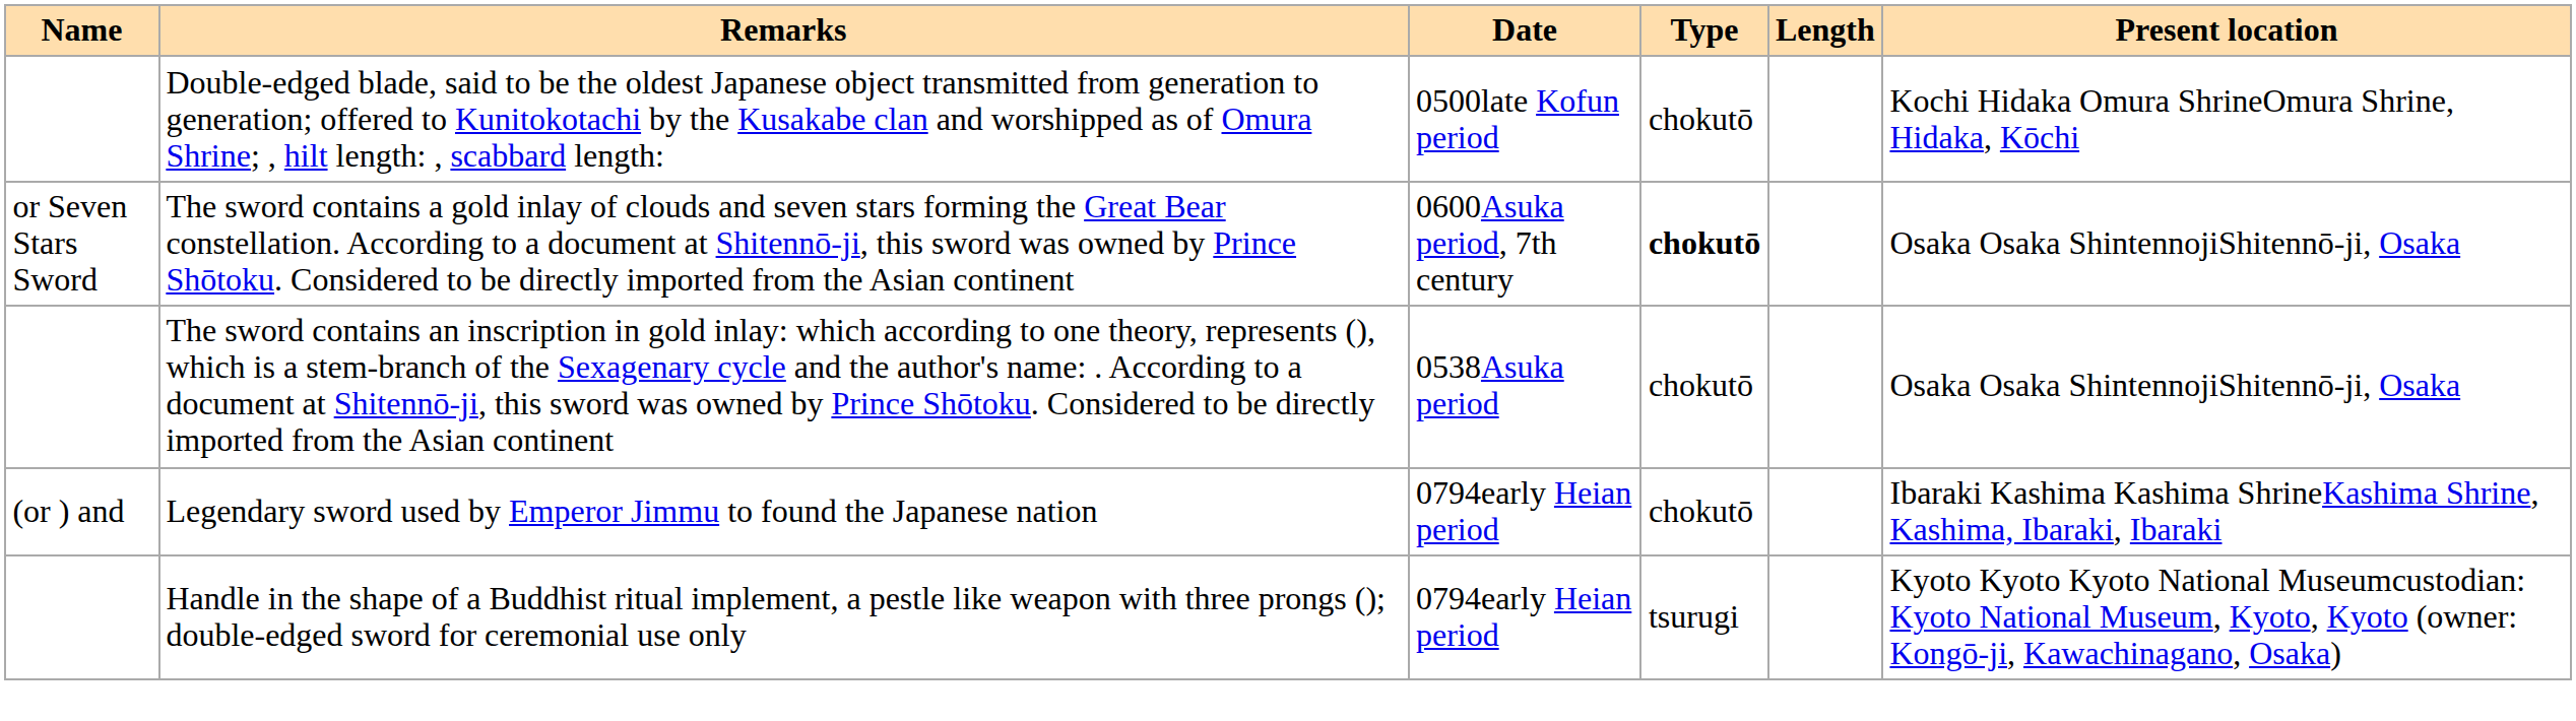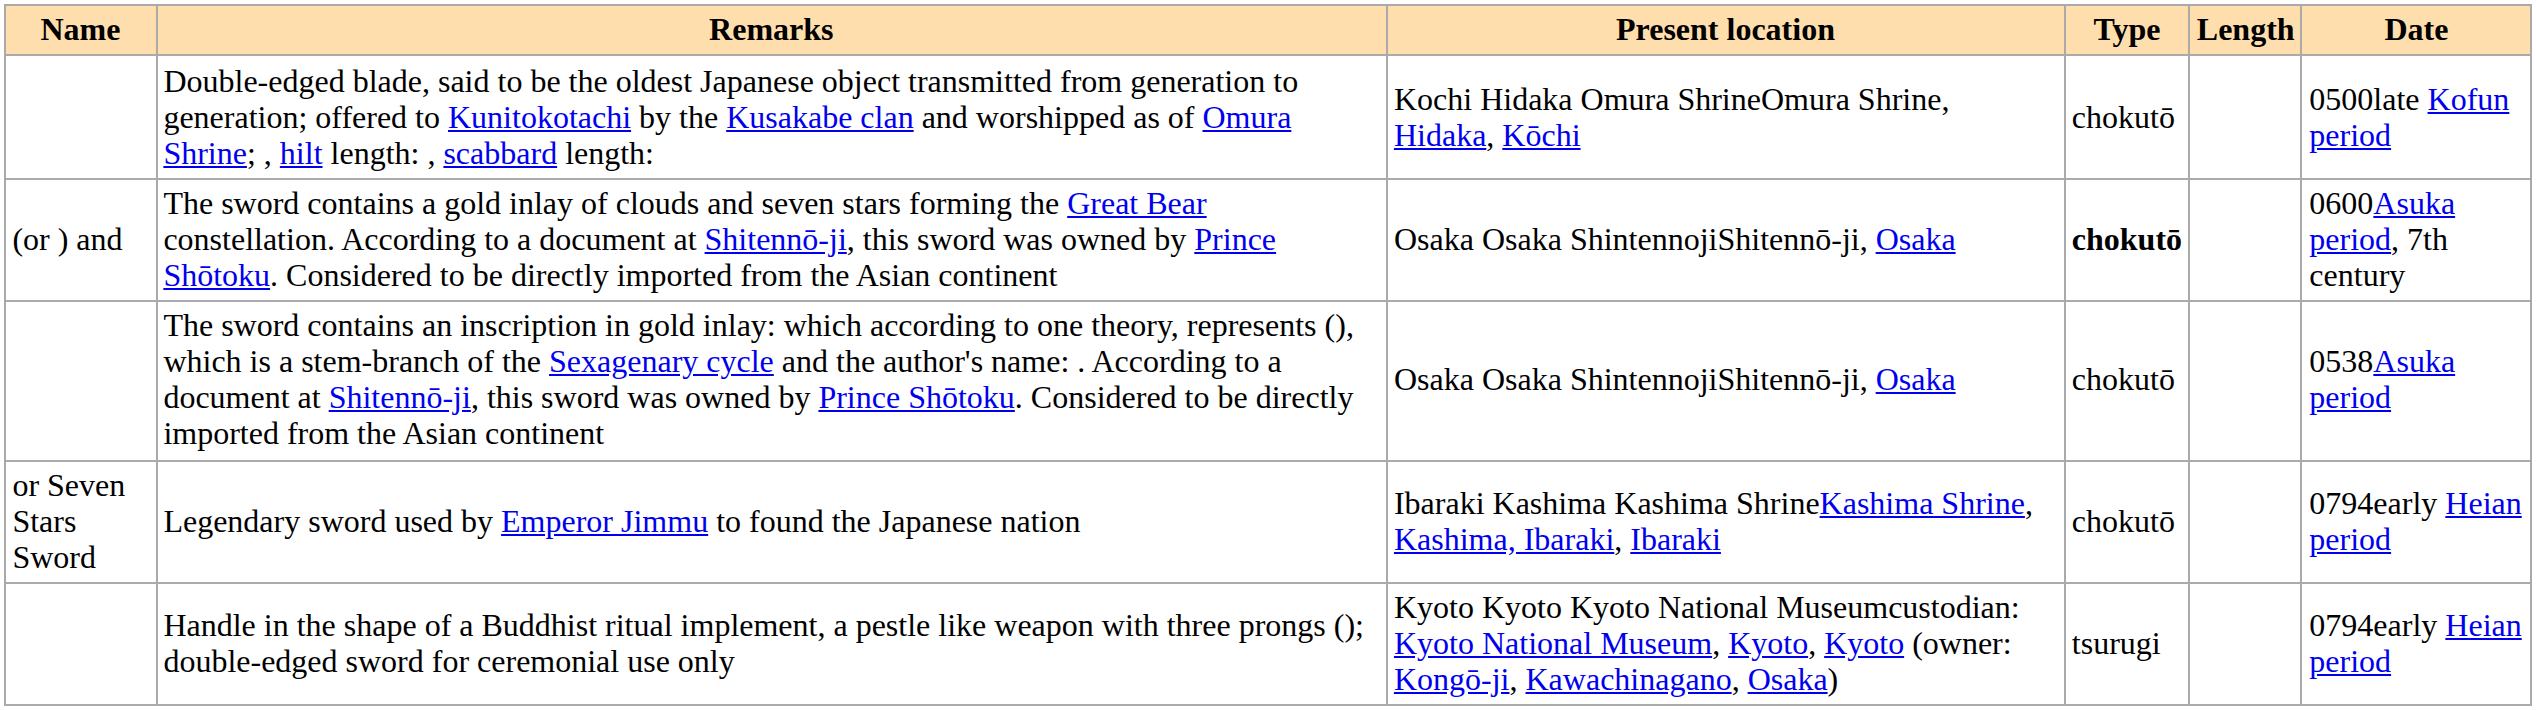 <table class="wikitable" style="width:100%; background:#fff;">
 <tr>
 <th style="background:#ffdead;">Name</th>
 <th style="background:#ffdead;">Remarks</th>
-<th style="background:#ffdead;">Date</th>
+<th style="background:#ffdead;">Present location</th>
 <th style="background:#ffdead;">Type</th>
 <th style="background:#ffdead;">Length</th>
-<th style="background:#ffdead;">Present location</th>
+<th style="background:#ffdead;">Date</th>
 </tr>
 <tr>
 <td></td>
 <td>Double-edged blade, said to be the oldest Japanese object transmitted from generation to generation; offered to <a href='#'>Kunitokotachi</a> by the <a href='#'>Kusakabe clan</a> and worshipped as  of <a href='#'>Omura Shrine</a>; , <a href='#'>hilt</a> length: , <a href='#'>scabbard</a> length: </td>
-<td><span>0500</span>late <a href='#'>Kofun period</a></td>
+<td><span>Kochi Hidaka Omura Shrine</span>Omura Shrine, <a href='#'>Hidaka</a>, <a href='#'>Kōchi</a></td>
 <td><span>chokutō</span></td>
 <td></td>
-<td><span>Kochi Hidaka Omura Shrine</span>Omura Shrine, <a href='#'>Hidaka</a>, <a href='#'>Kōchi</a></td>
+<td><span>0500</span>late <a href='#'>Kofun period</a></td>
 </tr>
 <tr>
-<td> or Seven Stars Sword</td>
+<td> (or ) and </td>
 <td>The sword contains a gold inlay of clouds and seven stars forming the <a href='#'>Great Bear</a> constellation. According to a document at <a href='#'>Shitennō-ji</a>, this sword was owned by <a href='#'>Prince Shōtoku</a>. Considered to be directly imported from the Asian continent</td>
-<td><span>0600</span><a href='#'>Asuka period</a>, 7th century</td>
+<td><span>Osaka Osaka Shintennoji</span>Shitennō-ji, <a href='#'>Osaka</a></td>
 <td><strong><span>chokutō</span></strong></td>
 <td></td>
-<td><span>Osaka Osaka Shintennoji</span>Shitennō-ji, <a href='#'>Osaka</a></td>
+<td><span>0600</span><a href='#'>Asuka period</a>, 7th century</td>
 </tr>
 <tr>
 <td></td>
 <td>The sword contains an inscription in gold inlay:  which according to one theory, represents  (), which is a stem-branch of the <a href='#'>Sexagenary cycle</a> and the author's name: . According to a document at <a href='#'>Shitennō-ji</a>, this sword was owned by <a href='#'>Prince Shōtoku</a>. Considered to be directly imported from the Asian continent</td>
-<td><span>0538</span><a href='#'>Asuka period</a></td>
+<td><span>Osaka Osaka Shintennoji</span>Shitennō-ji, <a href='#'>Osaka</a></td>
 <td><span>chokutō</span></td>
 <td></td>
-<td><span>Osaka Osaka Shintennoji</span>Shitennō-ji, <a href='#'>Osaka</a></td>
+<td><span>0538</span><a href='#'>Asuka period</a></td>
 </tr>
 <tr>
-<td> (or ) and </td>
+<td> or Seven Stars Sword</td>
 <td>Legendary sword used by <a href='#'>Emperor Jimmu</a> to found the Japanese nation</td>
-<td><span>0794</span>early <a href='#'>Heian period</a></td>
+<td><span>Ibaraki Kashima Kashima Shrine</span><a href='#'>Kashima Shrine</a>, <a href='#'>Kashima, Ibaraki</a>, <a href='#'>Ibaraki</a></td>
 <td><span>chokutō</span></td>
 <td></td>
-<td><span>Ibaraki Kashima Kashima Shrine</span><a href='#'>Kashima Shrine</a>, <a href='#'>Kashima, Ibaraki</a>, <a href='#'>Ibaraki</a></td>
+<td><span>0794</span>early <a href='#'>Heian period</a></td>
 </tr>
 <tr>
 <td></td>
 <td>Handle in the shape of a Buddhist ritual implement, a pestle like weapon with three prongs (); double-edged sword for ceremonial use only</td>
-<td><span>0794</span>early <a href='#'>Heian period</a></td>
+<td><span>Kyoto Kyoto Kyoto National Museum</span>custodian: <a href='#'>Kyoto National Museum</a>, <a href='#'>Kyoto</a>, <a href='#'>Kyoto</a> (owner: <a href='#'>Kongō-ji</a>, <a href='#'>Kawachinagano</a>, <a href='#'>Osaka</a>)</td>
 <td><span>tsurugi</span></td>
 <td></td>
-<td><span>Kyoto Kyoto Kyoto National Museum</span>custodian: <a href='#'>Kyoto National Museum</a>, <a href='#'>Kyoto</a>, <a href='#'>Kyoto</a> (owner: <a href='#'>Kongō-ji</a>, <a href='#'>Kawachinagano</a>, <a href='#'>Osaka</a>)</td>
+<td><span>0794</span>early <a href='#'>Heian period</a></td>
 </tr>
 </table>
